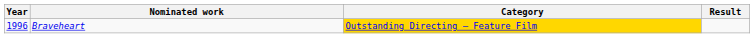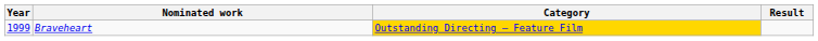 <table class="wikitable">
 <tr>
 <th scope="col" style="width:1em;">Year</th>
 <th scope="col" style="width:35em;">Nominated work</th>
 <th scope="col" style="width:40em;">Category</th>
 <th scope="col" style="width:5em;">Result</th>
 </tr>
 <tr>
-<td><a href='#'>1996</a></td>
+<td><a href='#'>1999</a></td>
 <td><em><a href='#'>Braveheart</a></em></td>
 <td style="background: gold;"><a href='#'>Outstanding Directing – Feature Film</a></td>
 <td></td>
 </tr>
 </table>
